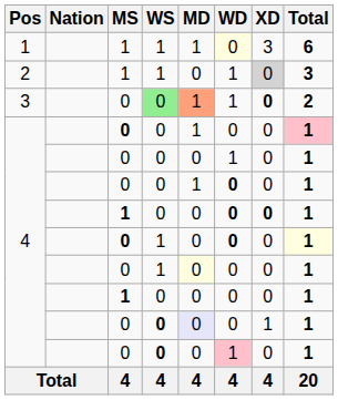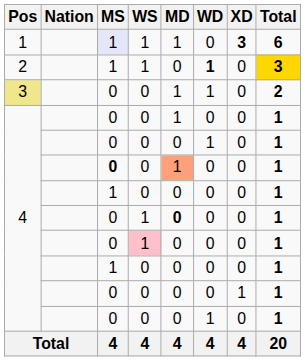 <table class="wikitable" style="text-align:center">
 <tr>
 <th>Pos</th>
 <th>Nation</th>
 <th>MS</th>
 <th>WS</th>
 <th>MD</th>
 <th>WD</th>
 <th>XD</th>
 <th>Total</th>
 </tr>
 <tr>
 <td>1</td>
 <td align=left></td>
+<td style="background: lavender;">1</td>
 <td>1</td>
 <td>1</td>
-<td>1</td>
-<td style="background: lightyellow;">0</td>
-<td>3</td>
+<td>0</td>
+<td><strong>3</strong></td>
 <td><strong>6</strong></td>
 </tr>
 <tr>
 <td>2</td>
 <td align=left></td>
 <td>1</td>
 <td>1</td>
 <td>0</td>
-<td>1</td>
-<td style="background: lightgrey;">0</td>
-<td><strong>3</strong></td>
+<td><strong>1</strong></td>
+<td>0</td>
+<td style="background: gold;"><strong>3</strong></td>
 </tr>
 <tr>
-<td>3</td>
+<td style="background: khaki;">3</td>
 <td align=left><strong></strong></td>
 <td>0</td>
-<td style="background: lightgreen;">0</td>
-<td style="background: lightsalmon;">1</td>
+<td>0</td>
 <td>1</td>
-<td><strong>0</strong></td>
+<td>1</td>
+<td>0</td>
 <td><strong>2</strong></td>
 </tr>
 <tr>
 <td rowspan=9>4</td>
 <td align=left></td>
-<td><strong>0</strong></td>
+<td>0</td>
 <td>0</td>
 <td>1</td>
 <td>0</td>
 <td>0</td>
-<td style="background: pink;"><strong>1</strong></td>
+<td><strong>1</strong></td>
 </tr>
 <tr>
 <td align=left></td>
 <td>0</td>
 <td>0</td>
 <td>0</td>
 <td>1</td>
 <td>0</td>
 <td><strong>1</strong></td>
 </tr>
 <tr>
 <td align=left></td>
-<td>0</td>
-<td>0</td>
-<td>1</td>
 <td><strong>0</strong></td>
 <td>0</td>
-<td><strong>1</strong></td>
-</tr>
-<tr>
-<td align=left></td>
-<td><strong>1</strong></td>
-<td>0</td>
-<td>0</td>
-<td><strong>0</strong></td>
-<td><strong>0</strong></td>
-<td><strong>1</strong></td>
-</tr>
-<tr>
-<td align=left></td>
-<td><strong>0</strong></td>
-<td>1</td>
-<td>0</td>
-<td><strong>0</strong></td>
-<td>0</td>
-<td style="background: lightyellow;"><strong>1</strong></td>
-</tr>
-<tr>
-<td align=left></td>
-<td>0</td>
-<td>1</td>
-<td style="background: lightyellow;">0</td>
+<td style="background: lightsalmon;">1</td>
 <td>0</td>
 <td>0</td>
 <td><strong>1</strong></td>
 </tr>
 <tr>
 <td align=left></td>
-<td><strong>1</strong></td>
+<td>1</td>
 <td>0</td>
 <td>0</td>
 <td>0</td>
 <td>0</td>
 <td><strong>1</strong></td>
 </tr>
 <tr>
 <td align=left></td>
 <td>0</td>
+<td>1</td>
 <td><strong>0</strong></td>
-<td style="background: lavender;">0</td>
+<td>0</td>
+<td>0</td>
+<td><strong>1</strong></td>
+</tr>
+<tr>
+<td align=left></td>
+<td>0</td>
+<td style="background: pink;">1</td>
+<td>0</td>
+<td>0</td>
+<td>0</td>
+<td><strong>1</strong></td>
+</tr>
+<tr>
+<td align=left></td>
+<td>1</td>
+<td>0</td>
+<td>0</td>
+<td>0</td>
+<td>0</td>
+<td><strong>1</strong></td>
+</tr>
+<tr>
+<td align=left></td>
+<td>0</td>
+<td>0</td>
+<td>0</td>
 <td>0</td>
 <td>1</td>
 <td><strong>1</strong></td>
 </tr>
 <tr>
 <td align=left></td>
 <td>0</td>
-<td><strong>0</strong></td>
 <td>0</td>
-<td style="background: pink;">1</td>
+<td>0</td>
+<td>1</td>
 <td>0</td>
 <td><strong>1</strong></td>
 </tr>
 <tr>
 <th colspan="2"><strong>Total</strong></th>
 <th><strong>4</strong></th>
 <th><strong>4</strong></th>
 <th><strong>4</strong></th>
 <th><strong>4</strong></th>
 <th><strong>4</strong></th>
 <th><strong>20</strong></th>
 </tr>
 </table>
